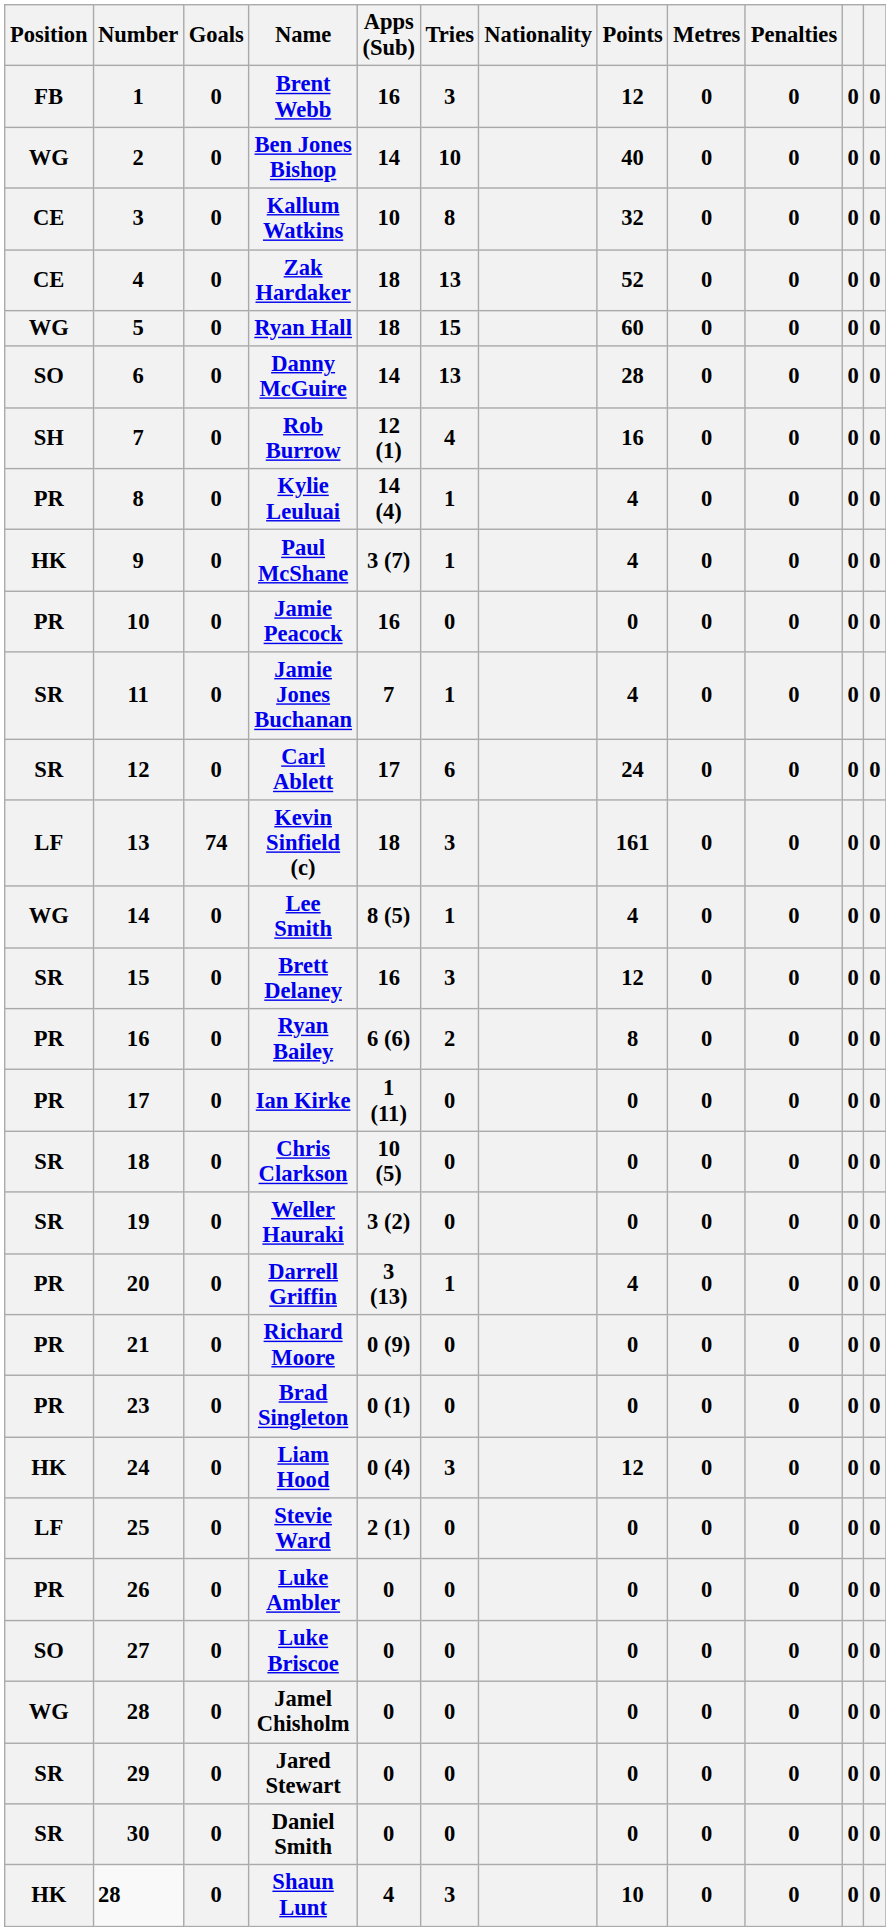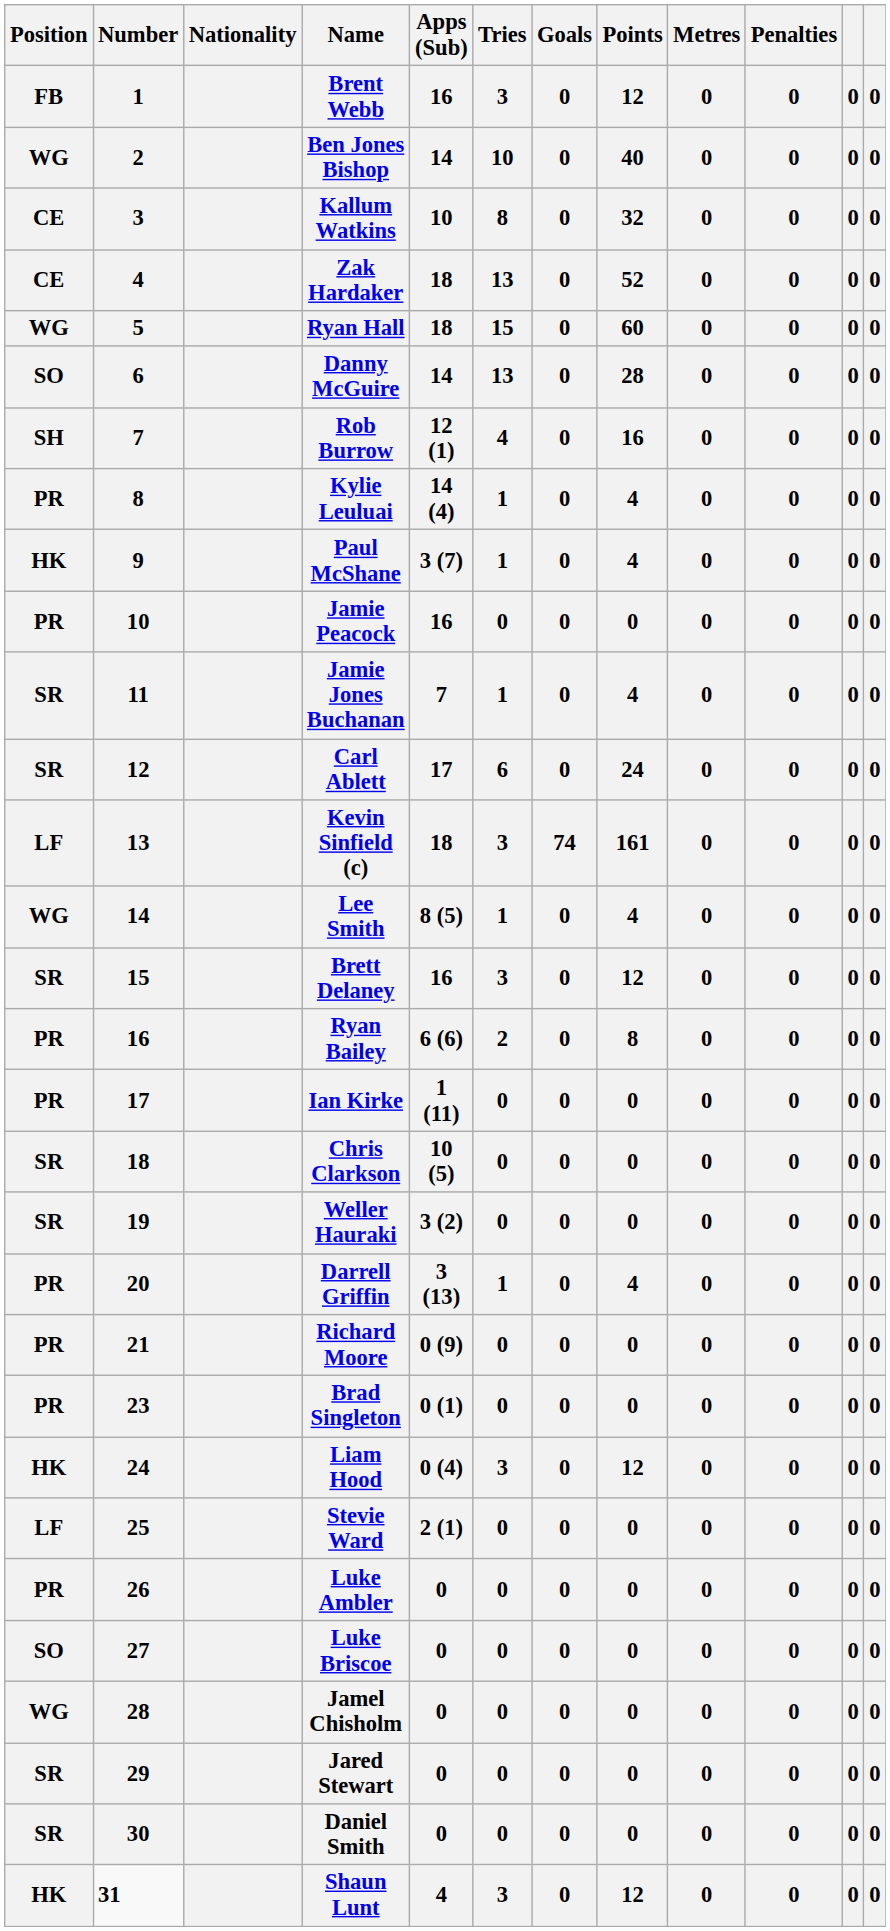 <table class="wikitable">
 <tr>
 <th>Position</th>
 <th>Number</th>
-<th>Goals</th>
+<th>Nationality</th>
 <th>Name</th>
 <th>Apps (Sub)</th>
 <th>Tries</th>
-<th>Nationality</th>
+<th>Goals</th>
 <th>Points</th>
 <th>Metres</th>
 <th>Penalties</th>
 <th></th>
 <th></th>
 </tr>
 <tr>
 <th>FB</th>
 <th><strong>1</strong></th>
-<th>0</th>
+<th></th>
 <th><a href='#'>Brent Webb</a></th>
 <th>16</th>
 <th>3</th>
-<th></th>
+<th>0</th>
 <th>12</th>
 <th>0</th>
 <th>0</th>
 <th>0</th>
 <th>0</th>
 </tr>
 <tr>
 <th>WG</th>
 <th><strong>2</strong></th>
-<th>0</th>
+<th></th>
 <th><a href='#'>Ben Jones Bishop</a></th>
 <th>14</th>
 <th>10</th>
-<th></th>
+<th>0</th>
 <th>40</th>
 <th>0</th>
 <th>0</th>
 <th>0</th>
 <th>0</th>
 </tr>
 <tr>
 <th>CE</th>
 <th><strong>3</strong></th>
-<th>0</th>
+<th></th>
 <th><a href='#'>Kallum Watkins</a></th>
 <th>10</th>
 <th>8</th>
-<th></th>
+<th>0</th>
 <th>32</th>
 <th>0</th>
 <th>0</th>
 <th>0</th>
 <th>0</th>
 </tr>
 <tr>
 <th>CE</th>
 <th><strong>4</strong></th>
-<th>0</th>
+<th></th>
 <th><a href='#'>Zak Hardaker</a></th>
 <th>18</th>
 <th>13</th>
-<th></th>
+<th>0</th>
 <th>52</th>
 <th>0</th>
 <th>0</th>
 <th>0</th>
 <th>0</th>
 </tr>
 <tr>
 <th>WG</th>
 <th><strong>5</strong></th>
-<th>0</th>
+<th></th>
 <th><a href='#'>Ryan Hall</a></th>
 <th>18</th>
 <th>15</th>
-<th></th>
+<th>0</th>
 <th>60</th>
 <th>0</th>
 <th>0</th>
 <th>0</th>
 <th>0</th>
 </tr>
 <tr>
 <th>SO</th>
 <th><strong>6</strong></th>
-<th>0</th>
+<th></th>
 <th><a href='#'>Danny McGuire</a></th>
 <th>14</th>
 <th>13</th>
-<th></th>
+<th>0</th>
 <th>28</th>
 <th>0</th>
 <th>0</th>
 <th>0</th>
 <th>0</th>
 </tr>
 <tr>
 <th>SH</th>
 <th><strong>7</strong></th>
-<th>0</th>
+<th></th>
 <th><a href='#'>Rob Burrow</a></th>
 <th>12 (1)</th>
 <th>4</th>
-<th></th>
+<th>0</th>
 <th>16</th>
 <th>0</th>
 <th>0</th>
 <th>0</th>
 <th>0</th>
 </tr>
 <tr>
 <th>PR</th>
 <th><strong>8</strong></th>
-<th>0</th>
+<th></th>
 <th><a href='#'>Kylie Leuluai</a></th>
 <th>14 (4)</th>
 <th>1</th>
-<th></th>
+<th>0</th>
 <th>4</th>
 <th>0</th>
 <th>0</th>
 <th>0</th>
 <th>0</th>
 </tr>
 <tr>
 <th>HK</th>
 <th><strong>9</strong></th>
-<th>0</th>
+<th></th>
 <th><a href='#'>Paul McShane</a></th>
 <th>3 (7)</th>
 <th>1</th>
-<th></th>
+<th>0</th>
 <th>4</th>
 <th>0</th>
 <th>0</th>
 <th>0</th>
 <th>0</th>
 </tr>
 <tr>
 <th>PR</th>
 <th><strong>10</strong></th>
-<th>0</th>
+<th></th>
 <th><a href='#'>Jamie Peacock</a></th>
 <th>16</th>
 <th>0</th>
-<th></th>
+<th>0</th>
 <th>0</th>
 <th>0</th>
 <th>0</th>
 <th>0</th>
 <th>0</th>
 </tr>
 <tr>
 <th>SR</th>
 <th><strong>11</strong></th>
-<th>0</th>
+<th></th>
 <th><a href='#'>Jamie Jones Buchanan</a></th>
 <th>7</th>
 <th>1</th>
-<th></th>
+<th>0</th>
 <th>4</th>
 <th>0</th>
 <th>0</th>
 <th>0</th>
 <th>0</th>
 </tr>
 <tr>
 <th>SR</th>
 <th><strong>12</strong></th>
-<th>0</th>
+<th></th>
 <th><a href='#'>Carl Ablett</a></th>
 <th>17</th>
 <th>6</th>
-<th></th>
+<th>0</th>
 <th>24</th>
 <th>0</th>
 <th>0</th>
 <th>0</th>
 <th>0</th>
 </tr>
 <tr>
 <th>LF</th>
 <th><strong>13</strong></th>
-<th>74</th>
+<th></th>
 <th><a href='#'>Kevin Sinfield</a> (c)</th>
 <th>18</th>
 <th>3</th>
-<th></th>
+<th>74</th>
 <th>161</th>
 <th>0</th>
 <th>0</th>
 <th>0</th>
 <th>0</th>
 </tr>
 <tr>
 <th>WG</th>
 <th><strong>14</strong></th>
-<th>0</th>
+<th></th>
 <th><a href='#'>Lee Smith</a></th>
 <th>8 (5)</th>
 <th>1</th>
-<th></th>
+<th>0</th>
 <th>4</th>
 <th>0</th>
 <th>0</th>
 <th>0</th>
 <th>0</th>
 </tr>
 <tr>
 <th>SR</th>
 <th><strong>15</strong></th>
-<th>0</th>
+<th></th>
 <th><a href='#'>Brett Delaney</a></th>
 <th>16</th>
 <th>3</th>
-<th></th>
+<th>0</th>
 <th>12</th>
 <th>0</th>
 <th>0</th>
 <th>0</th>
 <th>0</th>
 </tr>
 <tr>
 <th>PR</th>
 <th><strong>16</strong></th>
-<th>0</th>
+<th></th>
 <th><a href='#'>Ryan Bailey</a></th>
 <th>6 (6)</th>
 <th>2</th>
-<th></th>
+<th>0</th>
 <th>8</th>
 <th>0</th>
 <th>0</th>
 <th>0</th>
 <th>0</th>
 </tr>
 <tr>
 <th>PR</th>
 <th><strong>17</strong></th>
-<th>0</th>
+<th></th>
 <th><a href='#'>Ian Kirke</a></th>
 <th>1 (11)</th>
 <th>0</th>
-<th></th>
+<th>0</th>
 <th>0</th>
 <th>0</th>
 <th>0</th>
 <th>0</th>
 <th>0</th>
 </tr>
 <tr>
 <th>SR</th>
 <th><strong>18</strong></th>
-<th>0</th>
+<th></th>
 <th><a href='#'>Chris Clarkson</a></th>
 <th>10 (5)</th>
 <th>0</th>
-<th></th>
+<th>0</th>
 <th>0</th>
 <th>0</th>
 <th>0</th>
 <th>0</th>
 <th>0</th>
 </tr>
 <tr>
 <th>SR</th>
 <th><strong>19</strong></th>
-<th>0</th>
+<th></th>
 <th><a href='#'>Weller Hauraki</a></th>
 <th>3 (2)</th>
 <th>0</th>
-<th></th>
+<th>0</th>
 <th>0</th>
 <th>0</th>
 <th>0</th>
 <th>0</th>
 <th>0</th>
 </tr>
 <tr>
 <th>PR</th>
 <th><strong>20</strong></th>
-<th>0</th>
+<th></th>
 <th><a href='#'>Darrell Griffin</a></th>
 <th>3 (13)</th>
 <th>1</th>
-<th></th>
+<th>0</th>
 <th>4</th>
 <th>0</th>
 <th>0</th>
 <th>0</th>
 <th>0</th>
 </tr>
 <tr>
 <th>PR</th>
 <th><strong>21</strong></th>
-<th>0</th>
+<th></th>
 <th><a href='#'>Richard Moore</a></th>
 <th>0 (9)</th>
 <th>0</th>
-<th></th>
+<th>0</th>
 <th>0</th>
 <th>0</th>
 <th>0</th>
 <th>0</th>
 <th>0</th>
 </tr>
 <tr>
 <th>PR</th>
 <th><strong>23</strong></th>
-<th>0</th>
+<th></th>
 <th><a href='#'>Brad Singleton</a></th>
 <th>0 (1)</th>
 <th>0</th>
-<th></th>
+<th>0</th>
 <th>0</th>
 <th>0</th>
 <th>0</th>
 <th>0</th>
 <th>0</th>
 </tr>
 <tr>
 <th>HK</th>
 <th><strong>24</strong></th>
-<th>0</th>
+<th></th>
 <th><a href='#'>Liam Hood</a></th>
 <th>0 (4)</th>
 <th>3</th>
-<th></th>
+<th>0</th>
 <th>12</th>
 <th>0</th>
 <th>0</th>
 <th>0</th>
 <th>0</th>
 </tr>
 <tr>
 <th>LF</th>
 <th><strong>25</strong></th>
-<th>0</th>
+<th></th>
 <th><a href='#'>Stevie Ward</a></th>
 <th>2 (1)</th>
 <th>0</th>
-<th></th>
+<th>0</th>
 <th>0</th>
 <th>0</th>
 <th>0</th>
 <th>0</th>
 <th>0</th>
 </tr>
 <tr>
 <th>PR</th>
 <th><strong>26</strong></th>
-<th>0</th>
+<th></th>
 <th><a href='#'>Luke Ambler</a></th>
 <th>0</th>
 <th>0</th>
-<th></th>
+<th>0</th>
 <th>0</th>
 <th>0</th>
 <th>0</th>
 <th>0</th>
 <th>0</th>
 </tr>
 <tr>
 <th>SO</th>
 <th><strong>27</strong></th>
-<th>0</th>
+<th></th>
 <th><a href='#'>Luke Briscoe</a></th>
 <th>0</th>
 <th>0</th>
-<th></th>
+<th>0</th>
 <th>0</th>
 <th>0</th>
 <th>0</th>
 <th>0</th>
 <th>0</th>
 </tr>
 <tr>
 <th>WG</th>
 <th><strong>28</strong></th>
-<th>0</th>
+<th></th>
 <th>Jamel Chisholm</th>
 <th>0</th>
 <th>0</th>
-<th></th>
+<th>0</th>
 <th>0</th>
 <th>0</th>
 <th>0</th>
 <th>0</th>
 <th>0</th>
 </tr>
 <tr>
 <th>SR</th>
 <th><strong>29</strong></th>
-<th>0</th>
+<th></th>
 <th>Jared Stewart</th>
 <th>0</th>
 <th>0</th>
-<th></th>
+<th>0</th>
 <th>0</th>
 <th>0</th>
 <th>0</th>
 <th>0</th>
 <th>0</th>
 </tr>
 <tr>
 <th>SR</th>
 <th><strong>30</strong></th>
-<th>0</th>
+<th></th>
 <th>Daniel Smith</th>
 <th>0</th>
 <th>0</th>
-<th></th>
+<th>0</th>
 <th>0</th>
 <th>0</th>
 <th>0</th>
 <th>0</th>
 <th>0</th>
 </tr>
 <tr>
 <th>HK</th>
-<td><strong>28</strong></td>
-<th>0</th>
+<td><strong>31</strong></td>
+<th></th>
 <th><a href='#'>Shaun Lunt</a></th>
 <th>4</th>
 <th>3</th>
-<th></th>
-<th>10</th>
+<th>0</th>
+<th>12</th>
 <th>0</th>
 <th>0</th>
 <th>0</th>
 <th>0</th>
 </tr>
 </table>
